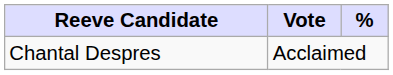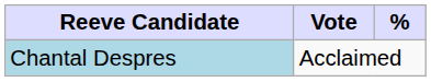 <table class="wikitable">
 <tr>
 <th style="background:#ddf; width:200px;">Reeve Candidate</th>
 <th style="background:#ddf; width:50px;">Vote</th>
 <th style="background:#ddf; width:30px;">%</th>
 </tr>
 <tr>
-<td>Chantal Despres</td>
+<td style="background: lightblue;">Chantal Despres</td>
 <td colspan="2">Acclaimed</td>
 </tr>
 </table>
